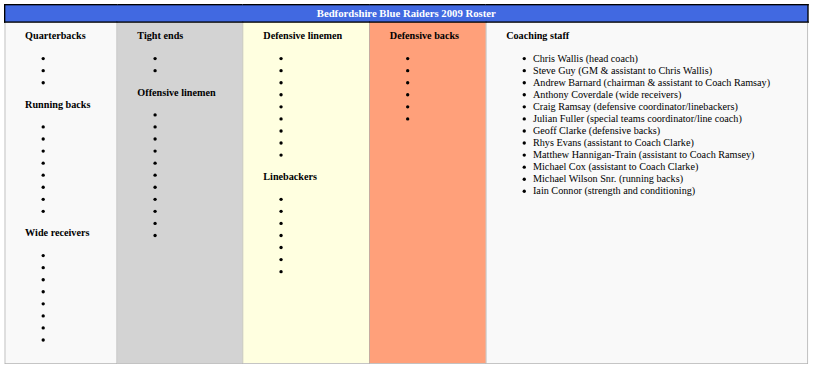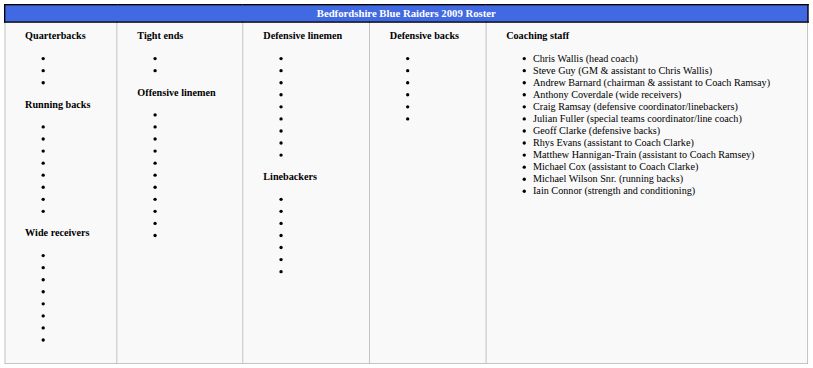 <table class="wikitable" style="text-align: left; width: 95%; border: solid black 1px;">
 <tr>
 <th colspan=10 style="background-color: #4169E1; text-align: center; border: solid black 2px; color: white;">Bedfordshire Blue Raiders 2009 Roster</th>
 </tr>
 <tr>
 <td style="font-size: 95%; padding: 10px 30px;" valign="top"><strong>Quarterbacks</strong><br><ul><li></li><li></li><li></li></ul><strong>Running backs</strong><ul><li></li><li></li><li></li><li></li><li></li><li></li><li></li><li></li></ul><strong>Wide receivers</strong><ul><li></li><li></li><li></li><li></li><li></li><li></li><li></li><li></li></ul></td>
-<td style="background: lightgrey; font-size: 95%; padding: 10px 30px;" valign="top"><strong>Tight ends</strong><br><ul><li></li><li></li></ul><strong>Offensive linemen</strong><ul><li></li><li></li><li></li><li></li><li></li><li></li><li></li><li></li><li></li><li></li><li></li></ul></td>
-<td style="background: lightyellow; font-size: 95%; padding: 10px 30px;" valign="top"><strong>Defensive linemen</strong><br><ul><li></li><li></li><li></li><li></li><li></li><li></li><li></li><li></li><li></li></ul><strong>Linebackers</strong><ul><li></li><li></li><li></li><li></li><li></li><li></li><li></li></ul></td>
-<td style="background: lightsalmon; font-size: 95%; padding: 10px 30px;" valign="top"><strong>Defensive backs</strong><br><ul><li></li><li></li><li></li><li></li><li></li><li></li></ul></td>
+<td style="font-size: 95%; padding: 10px 30px;" valign="top"><strong>Tight ends</strong><br><ul><li></li><li></li></ul><strong>Offensive linemen</strong><ul><li></li><li></li><li></li><li></li><li></li><li></li><li></li><li></li><li></li><li></li><li></li></ul></td>
+<td style="font-size: 95%; padding: 10px 30px;" valign="top"><strong>Defensive linemen</strong><br><ul><li></li><li></li><li></li><li></li><li></li><li></li><li></li><li></li><li></li></ul><strong>Linebackers</strong><ul><li></li><li></li><li></li><li></li><li></li><li></li><li></li></ul></td>
+<td style="font-size: 95%; padding: 10px 30px;" valign="top"><strong>Defensive backs</strong><br><ul><li></li><li></li><li></li><li></li><li></li><li></li></ul></td>
 <td style="font-size: 95%; padding: 10px 30px;" valign="top"><strong>Coaching staff</strong><br><ul><li>Chris Wallis (head coach)</li><li>Steve Guy (GM & assistant to Chris Wallis)</li><li>Andrew Barnard (chairman & assistant to Coach Ramsay)</li><li>Anthony Coverdale (wide receivers)</li><li>Craig Ramsay (defensive coordinator/linebackers)</li><li>Julian Fuller (special teams coordinator/line coach)</li><li>Geoff Clarke (defensive backs)</li><li>Rhys Evans (assistant to Coach Clarke)</li><li>Matthew Hannigan-Train (assistant to Coach Ramsey)</li><li>Michael Cox (assistant to Coach Clarke)</li><li>Michael Wilson Snr. (running backs)</li><li>Iain Connor (strength and conditioning)</li></ul></td>
 </tr>
 </table>
